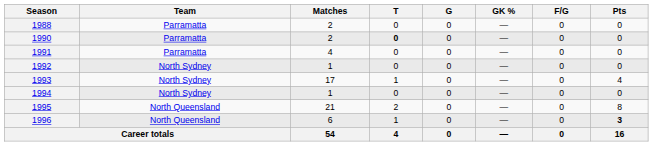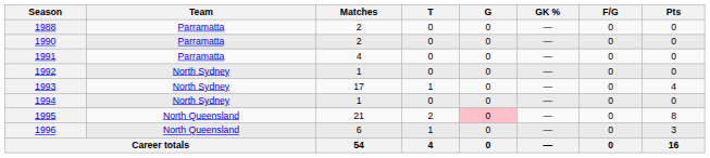 <table class="wikitable sortable"  style="font-size:90%; text-align:center; width:85%;">
 <tr>
 <th width=2%>Season</th>
 <th width=8%>Team</th>
 <th width=2%>Matches</th>
 <th width=2%>T</th>
 <th width=2%>G</th>
 <th width=2%>GK %</th>
 <th width=2%>F/G</th>
 <th width=2%>Pts</th>
 </tr>
 <tr>
 <th scope="row" style="text-align:center; font-weight:normal"><a href='#'>1988</a></th>
 <td style="text-align:center;"> <a href='#'>Parramatta</a></td>
 <td>2</td>
 <td>0</td>
 <td>0</td>
 <td>—</td>
 <td>0</td>
 <td>0</td>
 </tr>
 <tr style="background-color: #EAEAEA">
 <th scope="row" style="text-align:center; font-weight:normal"><a href='#'>1990</a></th>
 <td style="text-align:center;"> <a href='#'>Parramatta</a></td>
 <td>2</td>
-<td><strong>0</strong></td>
+<td>0</td>
 <td>0</td>
 <td>—</td>
 <td>0</td>
 <td>0</td>
 </tr>
 <tr>
 <th scope="row" style="text-align:center; font-weight:normal"><a href='#'>1991</a></th>
 <td style="text-align:center;"> <a href='#'>Parramatta</a></td>
 <td>4</td>
 <td>0</td>
 <td>0</td>
 <td>—</td>
 <td>0</td>
 <td>0</td>
 </tr>
 <tr style="background-color: #EAEAEA">
 <th scope="row" style="text-align:center; font-weight:normal"><a href='#'>1992</a></th>
 <td style="text-align:center;"> <a href='#'>North Sydney</a></td>
 <td>1</td>
 <td>0</td>
 <td>0</td>
 <td>—</td>
 <td>0</td>
 <td>0</td>
 </tr>
 <tr>
 <th scope="row" style="text-align:center; font-weight:normal"><a href='#'>1993</a></th>
 <td style="text-align:center;"> <a href='#'>North Sydney</a></td>
 <td>17</td>
 <td>1</td>
 <td>0</td>
 <td>—</td>
 <td>0</td>
 <td>4</td>
 </tr>
 <tr style="background-color: #EAEAEA">
 <th scope="row" style="text-align:center; font-weight:normal"><a href='#'>1994</a></th>
 <td style="text-align:center;"> <a href='#'>North Sydney</a></td>
 <td>1</td>
 <td>0</td>
 <td>0</td>
 <td>—</td>
 <td>0</td>
 <td>0</td>
 </tr>
 <tr>
 <th scope="row" style="text-align:center; font-weight:normal"><a href='#'>1995</a></th>
 <td style="text-align:center;"> <a href='#'>North Queensland</a></td>
 <td>21</td>
 <td>2</td>
-<td>0</td>
+<td style="background: pink;">0</td>
 <td>—</td>
 <td>0</td>
 <td>8</td>
 </tr>
 <tr style="background-color: #EAEAEA">
 <th scope="row" style="text-align:center; font-weight:normal"><a href='#'>1996</a></th>
 <td style="text-align:center;"> <a href='#'>North Queensland</a></td>
 <td>6</td>
 <td>1</td>
 <td>0</td>
 <td>—</td>
 <td>0</td>
-<td><strong>3</strong></td>
+<td>3</td>
 </tr>
 <tr class="sortbottom">
 <th colspan=2>Career totals</th>
 <th>54</th>
 <th>4</th>
 <th>0</th>
 <th>—</th>
 <th>0</th>
 <th>16</th>
 </tr>
 </table>
